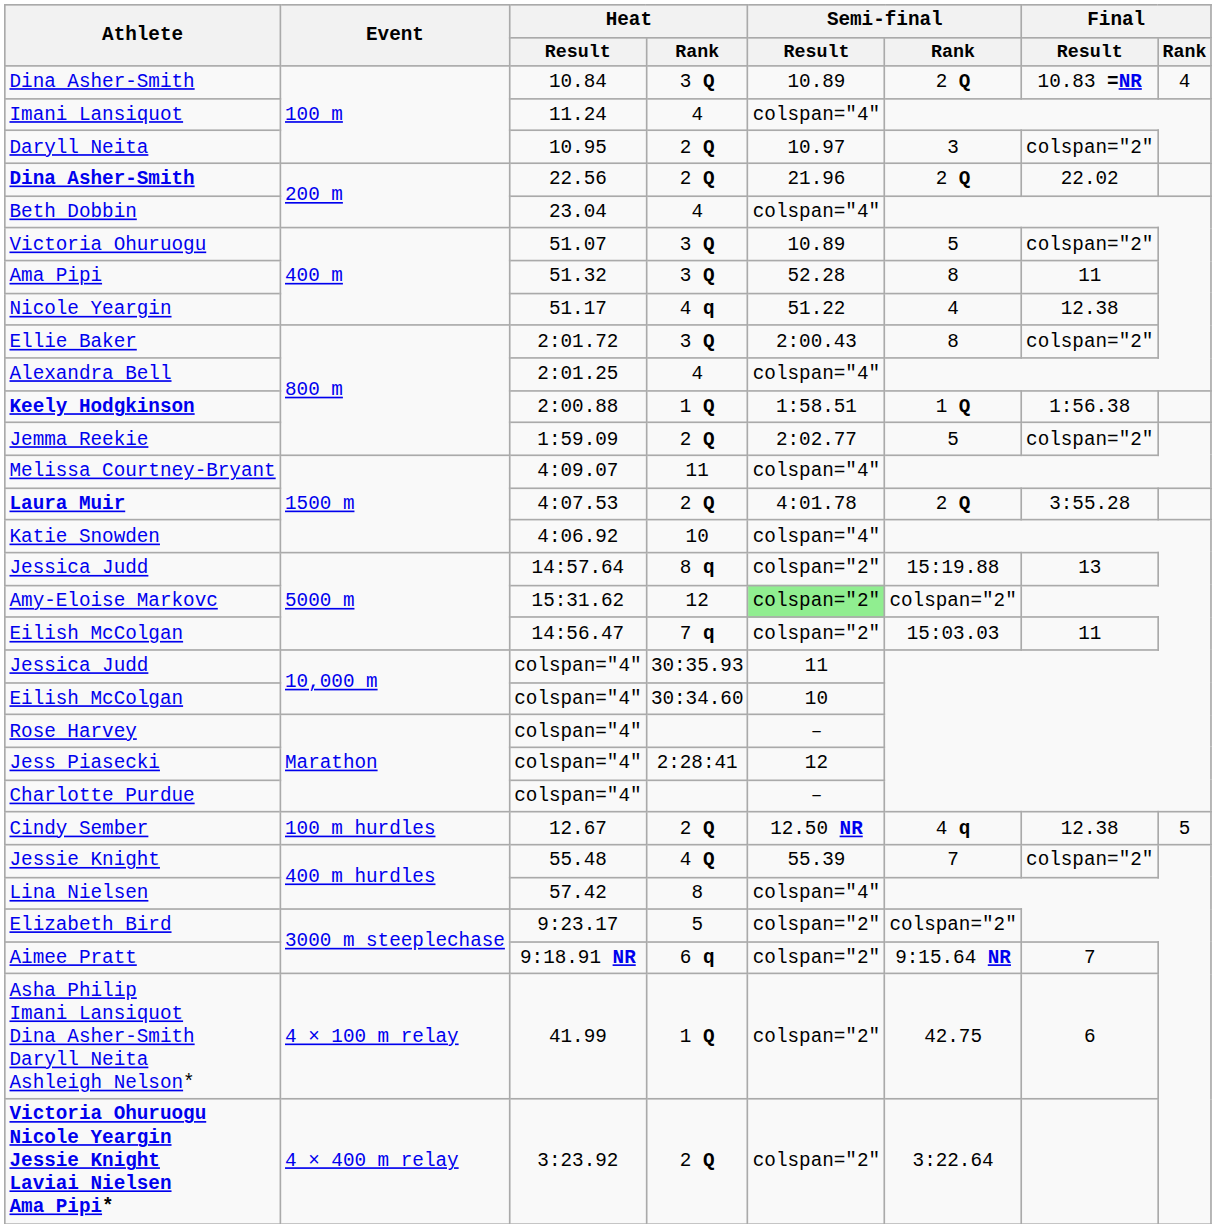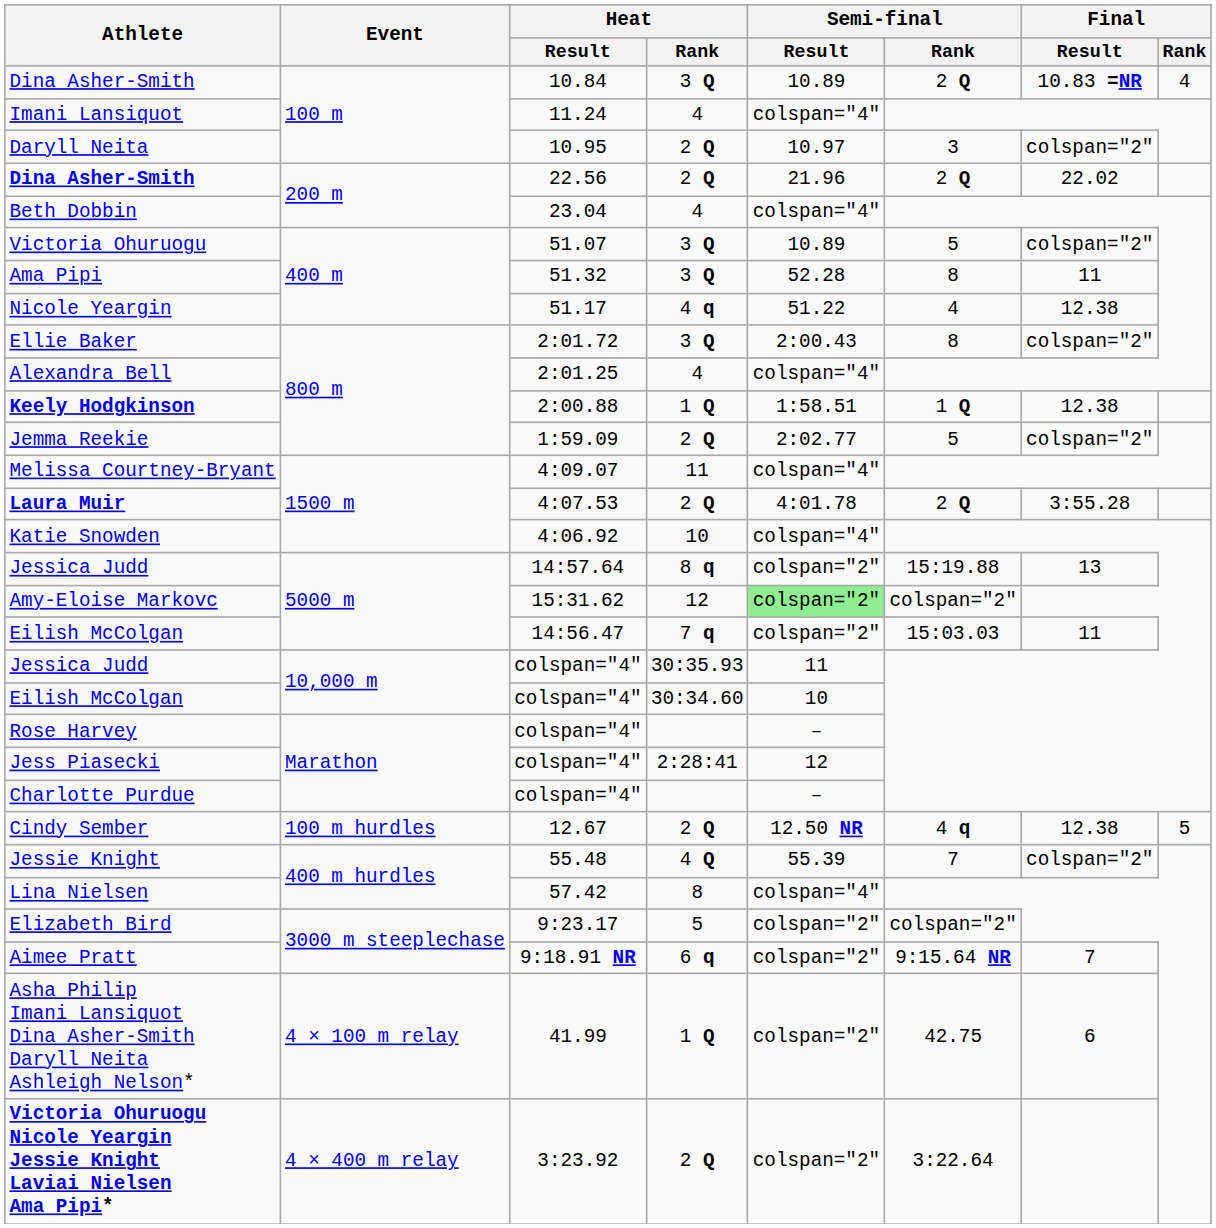 <table class="wikitable" style="font-size:90%">
 <tr>
 <th rowspan="2">Athlete</th>
 <th rowspan="2">Event</th>
 <th colspan="2">Heat</th>
 <th colspan="2">Semi-final</th>
 <th colspan="2">Final</th>
 </tr>
 <tr style="font-size:95%">
 <th>Result</th>
 <th>Rank</th>
 <th>Result</th>
 <th>Rank</th>
 <th>Result</th>
 <th>Rank</th>
 </tr>
 <tr align=center>
 <td align=left><a href='#'>Dina Asher-Smith</a></td>
 <td rowspan="3" align=left><a href='#'>100 m</a></td>
 <td>10.84 </td>
 <td>3 <strong>Q</strong></td>
 <td>10.89</td>
 <td>2 <strong>Q</strong></td>
 <td>10.83 <strong>=<a href='#'>NR</a></strong></td>
 <td>4</td>
 </tr>
 <tr align=center>
 <td align=left><a href='#'>Imani Lansiquot</a></td>
 <td>11.24</td>
 <td>4</td>
 <td>colspan="4" </td>
 </tr>
 <tr align=center>
 <td align=left><a href='#'>Daryll Neita</a></td>
 <td>10.95 </td>
 <td>2 <strong>Q</strong></td>
 <td>10.97</td>
 <td>3</td>
 <td>colspan="2" </td>
 </tr>
 <tr align=center>
 <td align=left><strong><a href='#'>Dina Asher-Smith</a></strong></td>
 <td rowspan="2" align=left><a href='#'>200 m</a></td>
 <td>22.56</td>
 <td>2 <strong>Q</strong></td>
 <td>21.96 </td>
 <td>2 <strong>Q</strong></td>
 <td>22.02</td>
 <td></td>
 </tr>
 <tr align=center>
 <td align=left><a href='#'>Beth Dobbin</a></td>
 <td>23.04</td>
 <td>4</td>
 <td>colspan="4" </td>
 </tr>
 <tr align=center>
 <td align=left><a href='#'>Victoria Ohuruogu</a></td>
 <td rowspan="3" align=left><a href='#'>400 m</a></td>
 <td>51.07</td>
 <td>3 <strong>Q</strong></td>
 <td>10.89</td>
 <td>5</td>
 <td>colspan="2" </td>
 </tr>
 <tr align=center>
 <td align=left><a href='#'>Ama Pipi</a></td>
 <td>51.32</td>
 <td>3 <strong>Q</strong></td>
 <td>52.28</td>
 <td>8</td>
 <td>11</td>
 </tr>
 <tr align=center>
 <td align=left><a href='#'>Nicole Yeargin</a></td>
 <td>51.17 </td>
 <td>4 <strong>q</strong></td>
 <td>51.22</td>
 <td>4</td>
 <td>12.38</td>
 </tr>
 <tr align=center>
 <td align=left><a href='#'>Ellie Baker</a></td>
 <td rowspan="4" align=left><a href='#'>800 m</a></td>
 <td>2:01.72</td>
 <td>3 <strong>Q</strong></td>
 <td>2:00.43</td>
 <td>8</td>
 <td>colspan="2" </td>
 </tr>
 <tr align=center>
 <td align=left><a href='#'>Alexandra Bell</a></td>
 <td>2:01.25</td>
 <td>4</td>
 <td>colspan="4" </td>
 </tr>
 <tr align=center>
 <td align=left><strong><a href='#'>Keely Hodgkinson</a></strong></td>
 <td>2:00.88</td>
 <td>1 <strong>Q</strong></td>
 <td>1:58.51</td>
 <td>1 <strong>Q</strong></td>
-<td>1:56.38 </td>
+<td>12.38</td>
 <td></td>
 </tr>
 <tr align=center>
 <td align=left><a href='#'>Jemma Reekie</a></td>
 <td>1:59.09</td>
 <td>2 <strong>Q</strong></td>
 <td>2:02.77</td>
 <td>5</td>
 <td>colspan="2" </td>
 </tr>
 <tr align=center>
 <td align=left><a href='#'>Melissa Courtney-Bryant</a></td>
 <td rowspan="3" align=left><a href='#'>1500 m</a></td>
 <td>4:09.07</td>
 <td>11</td>
 <td>colspan="4" </td>
 </tr>
 <tr align=center>
 <td align=left><strong><a href='#'>Laura Muir</a></strong></td>
 <td>4:07.53</td>
 <td>2 <strong>Q</strong></td>
 <td>4:01.78 </td>
 <td>2 <strong>Q</strong></td>
 <td>3:55.28 </td>
 <td></td>
 </tr>
 <tr align=center>
 <td align=left><a href='#'>Katie Snowden</a></td>
 <td>4:06.92</td>
 <td>10</td>
 <td>colspan="4" </td>
 </tr>
 <tr align=center>
 <td align=left><a href='#'>Jessica Judd</a></td>
 <td rowspan="3" align=left><a href='#'>5000 m</a></td>
 <td>14:57.64</td>
 <td>8 <strong>q</strong></td>
 <td>colspan="2" </td>
 <td>15:19.88</td>
 <td>13</td>
 </tr>
 <tr align=center>
 <td align=left><a href='#'>Amy-Eloise Markovc</a></td>
 <td>15:31.62 </td>
 <td>12</td>
 <td style="background: lightgreen;">colspan="2" </td>
 <td>colspan="2" </td>
 </tr>
 <tr align=center>
 <td align=left><a href='#'>Eilish McColgan</a></td>
 <td>14:56.47 </td>
 <td>7 <strong>q</strong></td>
 <td>colspan="2" </td>
 <td>15:03.03</td>
 <td>11</td>
 </tr>
 <tr align=center>
 <td align=left><a href='#'>Jessica Judd</a></td>
 <td rowspan="2" align=left><a href='#'>10,000 m</a></td>
 <td>colspan="4" </td>
 <td>30:35.93 </td>
 <td>11</td>
 </tr>
 <tr align=center>
 <td align=left><a href='#'>Eilish McColgan</a></td>
 <td>colspan="4" </td>
 <td>30:34.60</td>
 <td>10</td>
 </tr>
 <tr align=center>
 <td align=left><a href='#'>Rose Harvey</a></td>
 <td rowspan="3" align=left><a href='#'>Marathon</a></td>
 <td>colspan="4" </td>
 <td></td>
 <td>–</td>
 </tr>
 <tr align=center>
 <td align=left><a href='#'>Jess Piasecki</a></td>
 <td>colspan="4" </td>
 <td>2:28:41</td>
 <td>12</td>
 </tr>
 <tr align=center>
 <td align=left><a href='#'>Charlotte Purdue</a></td>
 <td>colspan="4" </td>
 <td></td>
 <td>–</td>
 </tr>
 <tr align=center>
 <td align=left><a href='#'>Cindy Sember</a></td>
 <td align=left><a href='#'>100 m hurdles</a></td>
 <td>12.67</td>
 <td>2 <strong>Q</strong></td>
 <td>12.50 <strong><a href='#'>NR</a></strong></td>
 <td>4 <strong>q</strong></td>
 <td>12.38</td>
 <td>5</td>
 </tr>
 <tr align=center>
 <td align=left><a href='#'>Jessie Knight</a></td>
 <td rowspan="2" align=left><a href='#'>400 m hurdles</a></td>
 <td>55.48</td>
 <td>4 <strong>Q</strong></td>
 <td>55.39</td>
 <td>7</td>
 <td>colspan="2" </td>
 </tr>
 <tr align=center>
 <td align=left><a href='#'>Lina Nielsen</a></td>
 <td>57.42</td>
 <td>8</td>
 <td>colspan="4" </td>
 </tr>
 <tr align=center>
 <td align=left><a href='#'>Elizabeth Bird</a></td>
 <td rowspan="2" align=left><a href='#'>3000 m steeplechase</a></td>
 <td>9:23.17</td>
 <td>5</td>
 <td>colspan="2" </td>
 <td>colspan="2" </td>
 </tr>
 <tr align=center>
 <td align=left><a href='#'>Aimee Pratt</a></td>
 <td>9:18.91 <strong><a href='#'>NR</a></strong></td>
 <td>6 <strong>q</strong></td>
 <td>colspan="2" </td>
 <td>9:15.64 <strong><a href='#'>NR</a></strong></td>
 <td>7</td>
 </tr>
 <tr align=center>
 <td align=left><a href='#'>Asha Philip</a><br><a href='#'>Imani Lansiquot</a><br><a href='#'>Dina Asher-Smith</a><br><a href='#'>Daryll Neita</a><br><a href='#'>Ashleigh Nelson</a>*</td>
 <td align=left><a href='#'>4 × 100 m relay</a></td>
 <td>41.99 </td>
 <td>1 <strong>Q</strong></td>
 <td>colspan="2" </td>
 <td>42.75</td>
 <td>6</td>
 </tr>
 <tr align=center>
 <td align=left><strong><a href='#'>Victoria Ohuruogu</a><br><a href='#'>Nicole Yeargin</a><br><a href='#'>Jessie Knight</a><br><a href='#'>Laviai Nielsen</a><br><a href='#'>Ama Pipi</a>*</strong></td>
 <td align=left><a href='#'>4 × 400 m relay</a></td>
 <td>3:23.92 </td>
 <td>2 <strong>Q</strong></td>
 <td>colspan="2" </td>
 <td>3:22.64 </td>
 <td></td>
 </tr>
 </table>
